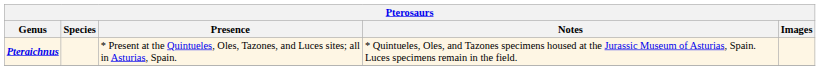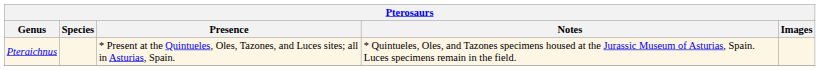 <table class="wikitable" align="center">
 <tr>
 <th colspan="6" align="center"><strong><a href='#'>Pterosaurs</a></strong></th>
 </tr>
 <tr>
 <th>Genus</th>
 <th><strong>Species</strong></th>
 <th>Presence</th>
 <th>Notes</th>
 <th>Images</th>
 </tr>
 <tr>
-<td style="background:#FEF6E4;"><strong><em><a href='#'>Pteraichnus</a></em></strong></td>
+<td style="background:#FEF6E4;"><em><a href='#'>Pteraichnus</a></em></td>
 <td style="background:#FEF6E4;"></td>
 <td style="background:#FEF6E4;">* Present at the <a href='#'>Quintueles</a>, Oles, Tazones, and Luces sites; all in <a href='#'>Asturias</a>, Spain.</td>
 <td style="background:#FEF6E4;">* Quintueles, Oles, and Tazones specimens housed at the <a href='#'>Jurassic Museum of Asturias</a>, Spain. Luces specimens remain in the field.</td>
 <td style="background:#FEF6E4;"></td>
 </tr>
 <tr>
 </tr>
 </table>
